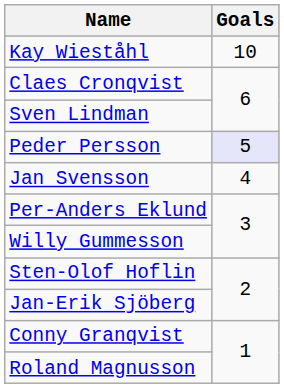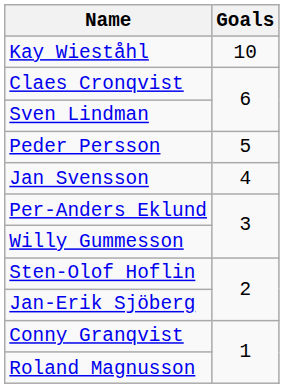 <table class="wikitable">
 <tr>
 <th>Name</th>
 <th>Goals</th>
 </tr>
 <tr>
 <td> <a href='#'>Kay Wieståhl</a></td>
 <td style="text-align:center;">10</td>
 </tr>
 <tr>
 <td> <a href='#'>Claes Cronqvist</a></td>
 <td rowspan="2" style="text-align:center;">6</td>
 </tr>
 <tr>
 <td> <a href='#'>Sven Lindman</a></td>
 </tr>
 <tr>
 <td> <a href='#'>Peder Persson</a></td>
-<td style="background: lavender; text-align:center;">5</td>
+<td style="text-align:center;">5</td>
 </tr>
 <tr>
 <td> <a href='#'>Jan Svensson</a></td>
 <td style="text-align:center;">4</td>
 </tr>
 <tr>
 <td> <a href='#'>Per-Anders Eklund</a></td>
 <td rowspan="2" style="text-align:center;">3</td>
 </tr>
 <tr>
 <td> <a href='#'>Willy Gummesson</a></td>
 </tr>
 <tr>
 <td> <a href='#'>Sten-Olof Hoflin</a></td>
 <td rowspan="2" style="text-align:center;">2</td>
 </tr>
 <tr>
 <td> <a href='#'>Jan-Erik Sjöberg</a></td>
 </tr>
 <tr>
 <td> <a href='#'>Conny Granqvist</a></td>
 <td rowspan="2" style="text-align:center;">1</td>
 </tr>
 <tr>
 <td> <a href='#'>Roland Magnusson</a></td>
 </tr>
 </table>
